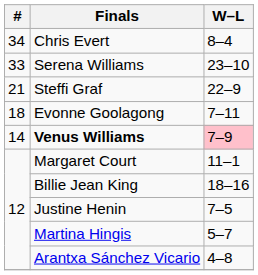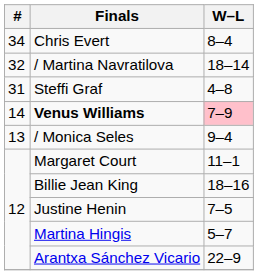 <table class="wikitable" style="display:inline-table;">
 <tr>
 <th width=20>#</th>
 <th>Finals</th>
 <th>W–L</th>
 </tr>
 <tr>
 <td>34</td>
 <td> Chris Evert</td>
 <td>8–4</td>
 </tr>
 <tr>
-<td>33</td>
-<td> Serena Williams</td>
-<td>23–10</td>
+<td>32</td>
+<td>/ Martina Navratilova</td>
+<td>18–14</td>
 </tr>
 <tr>
-<td>21</td>
+<td>31</td>
 <td> Steffi Graf</td>
-<td>22–9</td>
-</tr>
-<tr>
-<td>18</td>
-<td> Evonne Goolagong</td>
-<td>7–11</td>
+<td>4–8</td>
 </tr>
 <tr>
 <td>14</td>
 <td> <strong>Venus Williams</strong></td>
 <td style="background: pink;">7–9</td>
+</tr>
+<tr>
+<td>13</td>
+<td>/ Monica Seles</td>
+<td>9–4</td>
 </tr>
 <tr>
 <td rowspan=5>12</td>
 <td> Margaret Court</td>
 <td>11–1</td>
 </tr>
 <tr>
 <td> Billie Jean King</td>
 <td>18–16</td>
 </tr>
 <tr>
 <td> Justine Henin</td>
 <td>7–5</td>
 </tr>
 <tr>
 <td> <a href='#'>Martina Hingis</a></td>
 <td>5–7</td>
 </tr>
 <tr>
 <td> <a href='#'>Arantxa Sánchez Vicario</a></td>
-<td>4–8</td>
+<td>22–9</td>
 </tr>
 <tr>
 </tr>
 </table>
